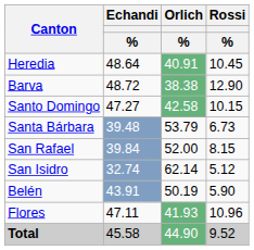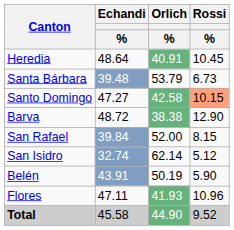 <table class="wikitable mw-collapsible mw-collapsed">
 <tr>
 <th rowspan="3"><a href='#'>Canton</a></th>
 <th colspan="1" width="40px">Echandi</th>
 <th colspan="1" width="40px">Orlich</th>
 <th colspan="1" width="40px">Rossi</th>
 </tr>
 <tr>
 <th style="background:"></th>
 <th style="background:"></th>
 <th style="background:"></th>
 </tr>
 <tr>
 <th data-sort-type="number">%</th>
 <th data-sort-type="number">%</th>
 <th data-sort-type="number">%</th>
 </tr>
 <tr>
 <td align="left"><a href='#'>Heredia</a></td>
 <td style="background:">48.64</td>
 <td style="background:#66B27B; color:white;">40.91</td>
 <td>10.45</td>
 </tr>
 <tr>
-<td align="left"><a href='#'>Barva</a></td>
-<td style="background:">48.72</td>
-<td style="background:#66B27B; color:white;">38.38</td>
-<td>12.90</td>
+<td align="left"><a href='#'>Santa Bárbara</a></td>
+<td style="background:#809ec1; color:white;">39.48</td>
+<td style="background:">53.79</td>
+<td>6.73</td>
 </tr>
 <tr>
 <td align="left"><a href='#'>Santo Domingo</a></td>
 <td style="background:">47.27</td>
 <td style="background:#66B27B; color:white;">42.58</td>
-<td>10.15</td>
+<td style="background: lightsalmon;">10.15</td>
 </tr>
 <tr>
-<td align="left"><a href='#'>Santa Bárbara</a></td>
-<td style="background:#809ec1; color:white;">39.48</td>
-<td style="background:">53.79</td>
-<td>6.73</td>
+<td align="left"><a href='#'>Barva</a></td>
+<td style="background:">48.72</td>
+<td style="background:#66B27B; color:white;">38.38</td>
+<td>12.90</td>
 </tr>
 <tr>
 <td align="left"><a href='#'>San Rafael</a></td>
 <td style="background:#809ec1; color:white;">39.84</td>
 <td style="background:">52.00</td>
 <td>8.15</td>
 </tr>
 <tr>
 <td align="left"><a href='#'>San Isidro</a></td>
 <td style="background:#809ec1; color:white;">32.74</td>
 <td style="background:">62.14</td>
 <td>5.12</td>
 </tr>
 <tr>
 <td align="left"><a href='#'>Belén</a></td>
 <td style="background:#809ec1; color:white;">43.91</td>
 <td style="background:">50.19</td>
 <td>5.90</td>
 </tr>
 <tr>
 <td align="left"><a href='#'>Flores</a></td>
 <td style="background:">47.11</td>
 <td style="background:#66B27B; color:white;">41.93</td>
 <td>10.96</td>
 </tr>
 <tr style="background:#CDCDCD;">
 <td align="left"><strong>Total</strong></td>
 <td style="background:">45.58</td>
 <td style="background:#66B27B; color:white;">44.90</td>
 <td>9.52</td>
 </tr>
 </table>
